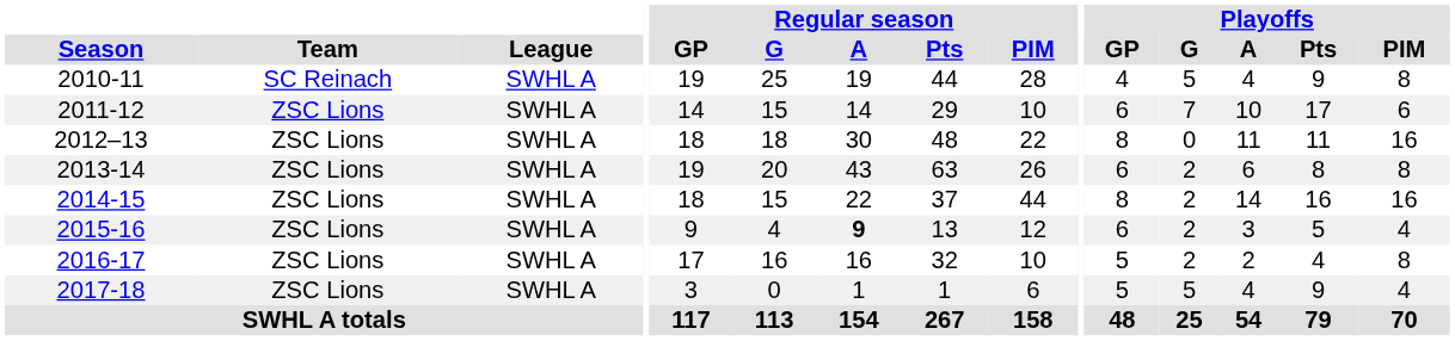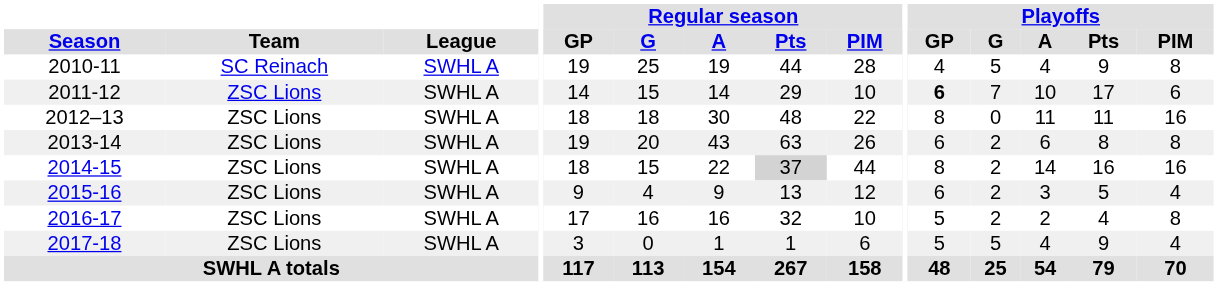 <table border="0" cellpadding="1" cellspacing="0" style="text-align:center; width:60em">
 <tr bgcolor="#e0e0e0">
 <th colspan="3" bgcolor="#ffffff"></th>
 <th rowspan="99" bgcolor="#ffffff"></th>
 <th colspan="5"><a href='#'>Regular season</a></th>
 <th rowspan="99" bgcolor="#ffffff"></th>
 <th colspan="5"><a href='#'>Playoffs</a></th>
 </tr>
 <tr bgcolor="#e0e0e0">
 <th><a href='#'>Season</a></th>
 <th>Team</th>
 <th>League</th>
 <th>GP</th>
 <th><a href='#'>G</a></th>
 <th><a href='#'>A</a></th>
 <th><a href='#'>Pts</a></th>
 <th><a href='#'>PIM</a></th>
 <th>GP</th>
 <th>G</th>
 <th>A</th>
 <th>Pts</th>
 <th>PIM</th>
 </tr>
 <tr>
 <td>2010-11</td>
 <td><a href='#'>SC Reinach</a></td>
 <td><a href='#'>SWHL A</a></td>
 <td>19</td>
 <td>25</td>
 <td>19</td>
 <td>44</td>
 <td>28</td>
 <td>4</td>
 <td>5</td>
 <td>4</td>
 <td>9</td>
 <td>8</td>
 </tr>
 <tr bgcolor="#f0f0f0">
 <td>2011-12</td>
 <td><a href='#'>ZSC Lions</a></td>
 <td>SWHL A</td>
 <td>14</td>
 <td>15</td>
 <td>14</td>
 <td>29</td>
 <td>10</td>
-<td>6</td>
+<td><strong>6</strong></td>
 <td>7</td>
 <td>10</td>
 <td>17</td>
 <td>6</td>
 </tr>
 <tr>
 <td>2012–13</td>
 <td>ZSC Lions</td>
 <td>SWHL A</td>
 <td>18</td>
 <td>18</td>
 <td>30</td>
 <td>48</td>
 <td>22</td>
 <td>8</td>
 <td>0</td>
 <td>11</td>
 <td>11</td>
 <td>16</td>
 </tr>
 <tr bgcolor="#f0f0f0">
 <td>2013-14</td>
 <td>ZSC Lions</td>
 <td>SWHL A</td>
 <td>19</td>
 <td>20</td>
 <td>43</td>
 <td>63</td>
 <td>26</td>
 <td>6</td>
 <td>2</td>
 <td>6</td>
 <td>8</td>
 <td>8</td>
 </tr>
 <tr>
 <td><a href='#'>2014-15</a></td>
 <td>ZSC Lions</td>
 <td>SWHL A</td>
 <td>18</td>
 <td>15</td>
 <td>22</td>
-<td>37</td>
+<td style="background: lightgrey;">37</td>
 <td>44</td>
 <td>8</td>
 <td>2</td>
 <td>14</td>
 <td>16</td>
 <td>16</td>
 </tr>
 <tr bgcolor="#f0f0f0">
 <td><a href='#'>2015-16</a></td>
 <td>ZSC Lions</td>
 <td>SWHL A</td>
 <td>9</td>
 <td>4</td>
-<td><strong>9</strong></td>
+<td>9</td>
 <td>13</td>
 <td>12</td>
 <td>6</td>
 <td>2</td>
 <td>3</td>
 <td>5</td>
 <td>4</td>
 </tr>
 <tr>
 <td><a href='#'>2016-17</a></td>
 <td>ZSC Lions</td>
 <td>SWHL A</td>
 <td>17</td>
 <td>16</td>
 <td>16</td>
 <td>32</td>
 <td>10</td>
 <td>5</td>
 <td>2</td>
 <td>2</td>
 <td>4</td>
 <td>8</td>
 </tr>
 <tr bgcolor="#f0f0f0">
 <td><a href='#'>2017-18</a></td>
 <td>ZSC Lions</td>
 <td>SWHL A</td>
 <td>3</td>
 <td>0</td>
 <td>1</td>
 <td>1</td>
 <td>6</td>
 <td>5</td>
 <td>5</td>
 <td>4</td>
 <td>9</td>
 <td>4</td>
 </tr>
 <tr bgcolor="#e0e0e0">
 <th colspan="3">SWHL A totals</th>
 <th>117</th>
 <th>113</th>
 <th>154</th>
 <th>267</th>
 <th>158</th>
 <th>48</th>
 <th>25</th>
 <th>54</th>
 <th>79</th>
 <th>70</th>
 </tr>
 </table>
